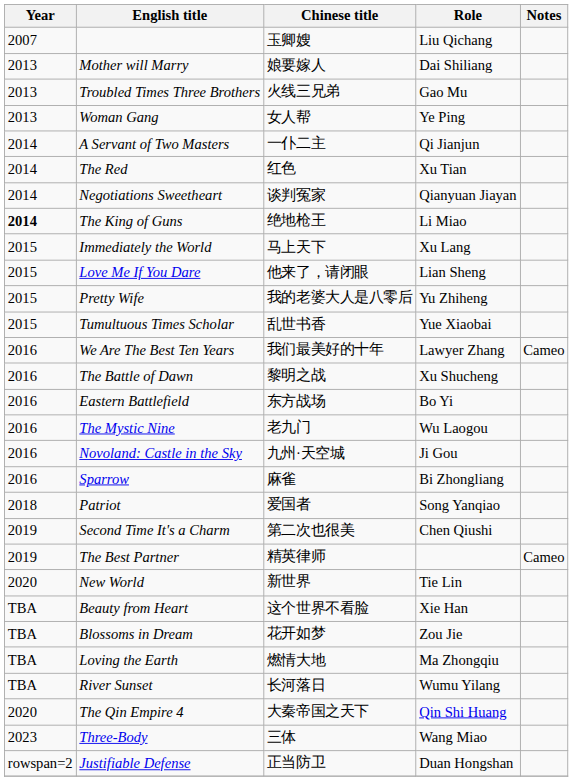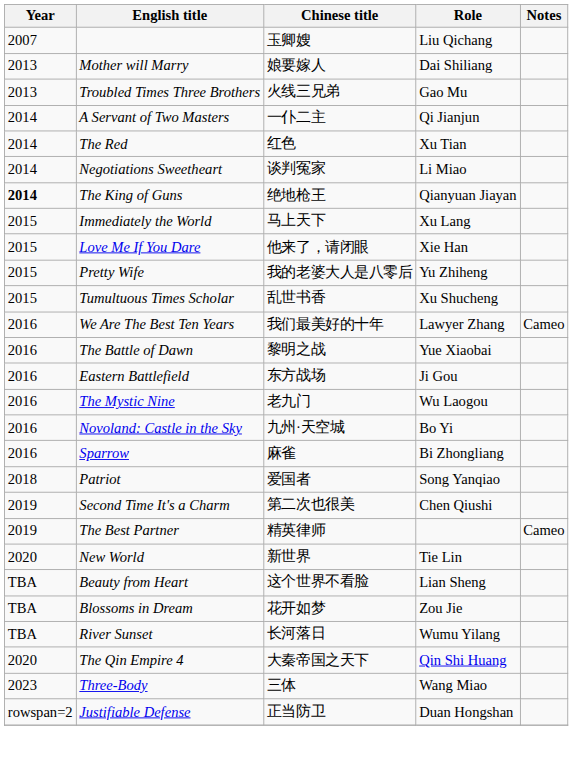 <table class="wikitable sortable">
 <tr>
 <th>Year</th>
 <th>English title</th>
 <th>Chinese title</th>
 <th>Role</th>
 <th>Notes</th>
 </tr>
 <tr>
 <td>2007</td>
 <td></td>
 <td>玉卿嫂</td>
 <td>Liu Qichang</td>
 <td></td>
 </tr>
 <tr>
 <td>2013</td>
 <td><em>Mother will Marry</em></td>
 <td>娘要嫁人</td>
 <td>Dai Shiliang</td>
 <td></td>
 </tr>
 <tr>
 <td>2013</td>
 <td><em> Troubled Times Three Brothers</em></td>
 <td>火线三兄弟</td>
 <td>Gao Mu</td>
 <td></td>
 </tr>
 <tr>
-<td>2013</td>
-<td><em>Woman Gang</em></td>
-<td>女人帮</td>
-<td>Ye Ping</td>
-<td></td>
-</tr>
-<tr>
 <td>2014</td>
 <td><em>A Servant of Two Masters</em></td>
 <td>一仆二主</td>
 <td>Qi Jianjun</td>
 <td></td>
 </tr>
 <tr>
 <td>2014</td>
 <td><em>The Red</em></td>
 <td>红色</td>
 <td>Xu Tian</td>
 <td></td>
 </tr>
 <tr>
 <td>2014</td>
 <td><em>Negotiations Sweetheart</em></td>
 <td>谈判冤家</td>
-<td>Qianyuan Jiayan</td>
+<td>Li Miao</td>
 <td></td>
 </tr>
 <tr>
 <td><strong>2014</strong></td>
 <td><em>The King of Guns</em></td>
 <td>绝地枪王</td>
-<td>Li Miao</td>
+<td>Qianyuan Jiayan</td>
 <td></td>
 </tr>
 <tr>
 <td>2015</td>
 <td><em>Immediately the World</em></td>
 <td>马上天下</td>
 <td>Xu Lang</td>
 <td></td>
 </tr>
 <tr>
 <td>2015</td>
 <td><em><a href='#'>Love Me If You Dare</a></em></td>
 <td>他来了，请闭眼</td>
-<td>Lian Sheng</td>
+<td>Xie Han</td>
 <td></td>
 </tr>
 <tr>
 <td>2015</td>
 <td><em>Pretty Wife</em></td>
 <td>我的老婆大人是八零后</td>
 <td>Yu Zhiheng</td>
 <td></td>
 </tr>
 <tr>
 <td>2015</td>
 <td><em>Tumultuous Times Scholar</em></td>
 <td>乱世书香</td>
-<td>Yue Xiaobai</td>
+<td>Xu Shucheng</td>
 <td></td>
 </tr>
 <tr>
 <td>2016</td>
 <td><em>We Are The Best Ten Years</em></td>
 <td>我们最美好的十年</td>
 <td>Lawyer Zhang</td>
 <td>Cameo</td>
 </tr>
 <tr>
 <td>2016</td>
 <td><em>The Battle of Dawn</em></td>
 <td>黎明之战</td>
-<td>Xu Shucheng</td>
+<td>Yue Xiaobai</td>
 <td></td>
 </tr>
 <tr>
 <td>2016</td>
 <td><em>Eastern Battlefield</em></td>
 <td>东方战场</td>
-<td>Bo Yi</td>
+<td>Ji Gou</td>
 <td></td>
 </tr>
 <tr>
 <td>2016</td>
 <td><em><a href='#'>The Mystic Nine</a></em></td>
 <td>老九门</td>
 <td>Wu Laogou</td>
 <td></td>
 </tr>
 <tr>
 <td>2016</td>
 <td><em><a href='#'>Novoland: Castle in the Sky</a></em></td>
 <td>九州·天空城</td>
-<td>Ji Gou</td>
+<td>Bo Yi</td>
 <td></td>
 </tr>
 <tr>
 <td>2016</td>
 <td><em><a href='#'>Sparrow</a></em></td>
 <td>麻雀</td>
 <td>Bi Zhongliang</td>
 <td></td>
 </tr>
 <tr>
 <td>2018</td>
 <td><em>Patriot</em></td>
 <td>爱国者</td>
 <td>Song Yanqiao</td>
 <td></td>
 </tr>
 <tr>
 <td>2019</td>
 <td><em>Second Time It's a Charm</em></td>
 <td>第二次也很美</td>
 <td>Chen Qiushi</td>
 <td></td>
 </tr>
 <tr>
 <td>2019</td>
 <td><em>The Best Partner</em></td>
 <td>精英律师</td>
 <td></td>
 <td>Cameo</td>
 </tr>
 <tr>
 <td>2020</td>
 <td><em>New World</em></td>
 <td>新世界</td>
 <td>Tie Lin</td>
 <td></td>
 </tr>
 <tr>
 <td>TBA</td>
 <td><em>Beauty from Heart</em></td>
 <td>这个世界不看脸</td>
-<td>Xie Han</td>
+<td>Lian Sheng</td>
 <td></td>
 </tr>
 <tr>
 <td>TBA</td>
 <td><em>Blossoms in Dream</em></td>
 <td>花开如梦</td>
 <td>Zou Jie</td>
-<td></td>
-</tr>
-<tr>
-<td>TBA</td>
-<td><em>Loving the Earth</em></td>
-<td>燃情大地</td>
-<td>Ma Zhongqiu</td>
 <td></td>
 </tr>
 <tr>
 <td>TBA</td>
 <td><em>River Sunset</em></td>
 <td>长河落日</td>
 <td>Wumu Yilang</td>
 <td></td>
 </tr>
 <tr>
 <td>2020</td>
 <td><em>The Qin Empire 4</em></td>
 <td>大秦帝国之天下</td>
 <td><a href='#'>Qin Shi Huang</a></td>
 <td></td>
 </tr>
 <tr>
 <td>2023</td>
 <td><em><a href='#'>Three-Body</a></em></td>
 <td>三体</td>
 <td>Wang Miao</td>
 <td></td>
 </tr>
 <tr>
 <td>rowspan=2 </td>
 <td><em><a href='#'>Justifiable Defense</a></em></td>
 <td>正当防卫</td>
 <td>Duan Hongshan</td>
 <td></td>
 </tr>
 <tr>
 </tr>
 </table>
